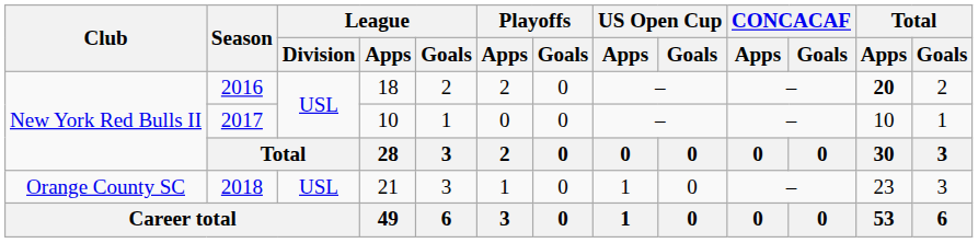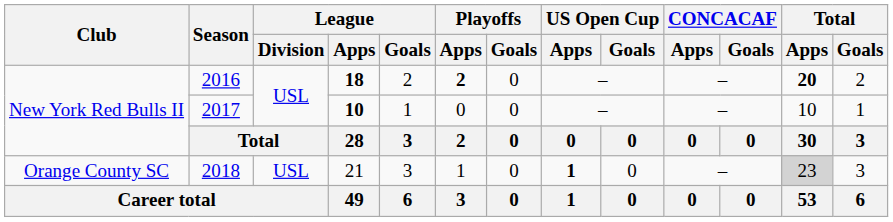 <table class="wikitable" style="text-align: center;">
 <tr>
 <th rowspan=2>Club</th>
 <th rowspan=2>Season</th>
 <th colspan=3>League</th>
 <th colspan=2>Playoffs</th>
 <th colspan=2>US Open Cup</th>
 <th colspan=2><a href='#'>CONCACAF</a></th>
 <th colspan=2>Total</th>
 </tr>
 <tr>
 <th>Division</th>
 <th>Apps</th>
 <th>Goals</th>
 <th>Apps</th>
 <th>Goals</th>
 <th>Apps</th>
 <th>Goals</th>
 <th>Apps</th>
 <th>Goals</th>
 <th>Apps</th>
 <th>Goals</th>
 </tr>
 <tr>
 <td rowspan=3><a href='#'>New York Red Bulls II</a></td>
 <td><a href='#'>2016</a></td>
 <td rowspan=2><a href='#'>USL</a></td>
-<td>18</td>
+<td><strong>18</strong></td>
 <td>2</td>
-<td>2</td>
+<td><strong>2</strong></td>
 <td>0</td>
 <td colspan=2>–</td>
 <td colspan=2>–</td>
 <td><strong>20</strong></td>
 <td>2</td>
 </tr>
 <tr>
 <td><a href='#'>2017</a></td>
-<td>10</td>
+<td><strong>10</strong></td>
 <td>1</td>
 <td>0</td>
 <td>0</td>
 <td colspan=2>–</td>
 <td colspan=2>–</td>
 <td>10</td>
 <td>1</td>
 </tr>
 <tr>
 <th colspan=2>Total</th>
 <th>28</th>
 <th>3</th>
 <th>2</th>
 <th>0</th>
 <th>0</th>
 <th>0</th>
 <th>0</th>
 <th>0</th>
 <th>30</th>
 <th>3</th>
 </tr>
 <tr>
 <td><a href='#'>Orange County SC</a></td>
 <td><a href='#'>2018</a></td>
 <td><a href='#'>USL</a></td>
 <td>21</td>
 <td>3</td>
 <td>1</td>
 <td>0</td>
-<td>1</td>
+<td><strong>1</strong></td>
 <td>0</td>
 <td colspan=2>–</td>
-<td>23</td>
+<td style="background: lightgrey;">23</td>
 <td>3</td>
 </tr>
 <tr>
 <th colspan=3>Career total</th>
 <th>49</th>
 <th>6</th>
 <th>3</th>
 <th>0</th>
 <th>1</th>
 <th>0</th>
 <th>0</th>
 <th>0</th>
 <th>53</th>
 <th>6</th>
 </tr>
 </table>
